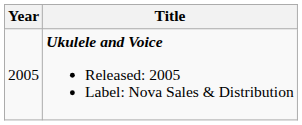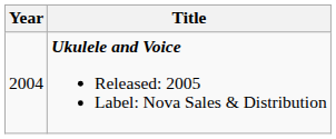 <table class="wikitable">
 <tr>
 <th scope="col">Year</th>
 <th scope="col">Title</th>
 </tr>
 <tr>
-<td style="text-align:center;">2005</td>
+<td style="text-align:center;">2004</td>
 <td><strong><em>Ukulele and Voice</em></strong><br><ul><li>Released: 2005</li><li>Label: Nova Sales & Distribution</li></ul></td>
 </tr>
 </table>
